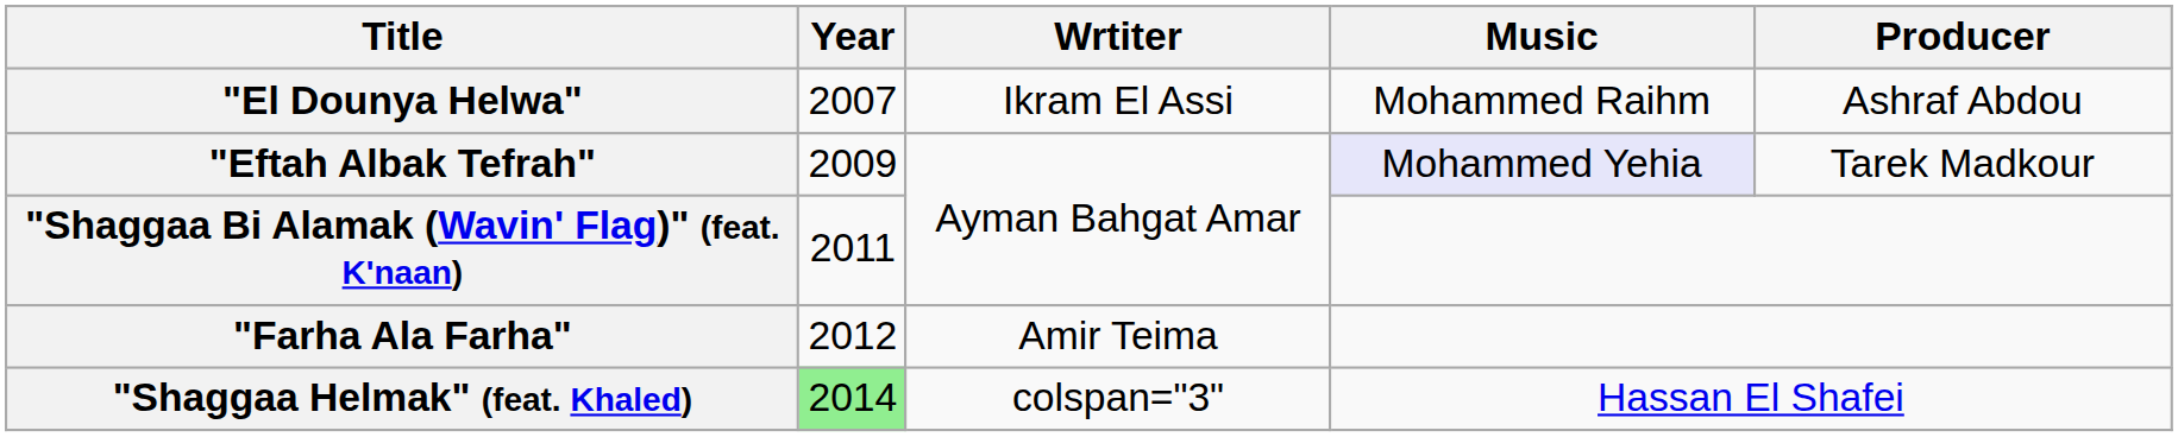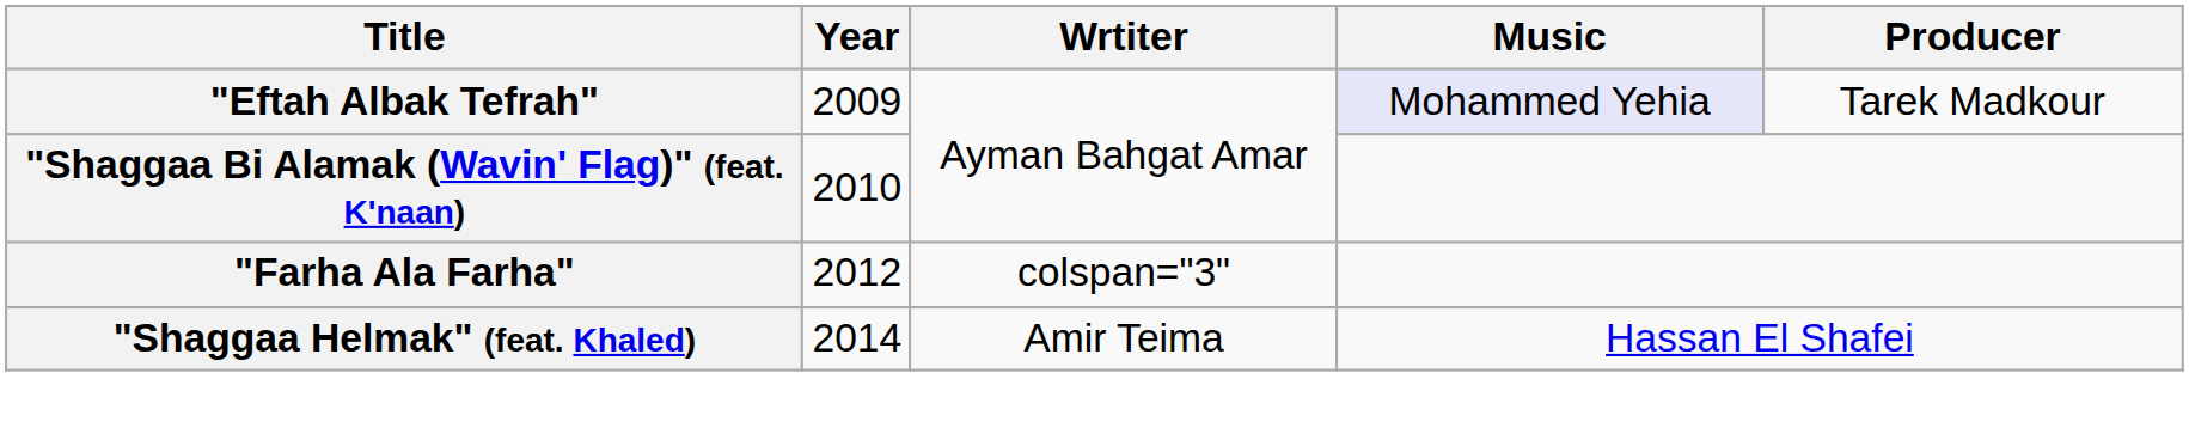 <table class="wikitable plainrowheaders" style="text-align:center;">
 <tr>
 <th scope="col" style="width:22em;">Title</th>
 <th scope="col" style="width:2em;">Year</th>
 <th scope="col" style="width:11em;">Wrtiter</th>
 <th scope="col" style="width:11em;">Music</th>
 <th scope="col" style="width:11em;">Producer</th>
-</tr>
-<tr>
-<th scope="row">"El Dounya Helwa"</th>
-<td>2007</td>
-<td>Ikram El Assi</td>
-<td>Mohammed Raihm</td>
-<td>Ashraf Abdou</td>
 </tr>
 <tr>
 <th scope="row">"Eftah Albak Tefrah"</th>
 <td>2009</td>
 <td rowspan="2">Ayman Bahgat Amar</td>
 <td style="background: lavender;">Mohammed Yehia</td>
 <td>Tarek Madkour</td>
 </tr>
 <tr>
 <th scope="row">"Shaggaa Bi Alamak (<a href='#'>Wavin' Flag</a>)" <small>(feat. <a href='#'>K'naan</a>)</small></th>
-<td>2011</td>
+<td>2010</td>
 <td colspan="2"></td>
 </tr>
 <tr>
 <th scope="row">"Farha Ala Farha"</th>
 <td>2012</td>
-<td>Amir Teima</td>
+<td>colspan="3" </td>
 </tr>
 <tr>
 <th scope="row">"Shaggaa Helmak" <small>(feat. <a href='#'>Khaled</a>)</small></th>
-<td style="background: lightgreen;">2014</td>
-<td>colspan="3" </td>
+<td>2014</td>
+<td>Amir Teima</td>
 <td colspan="2"><a href='#'>Hassan El Shafei</a></td>
 </tr>
 </table>
